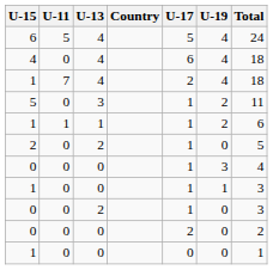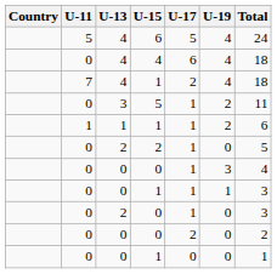 <table class="sortable wikitable">
 <tr>
-<th>U-15</th>
+<th>Country</th>
 <th>U-11</th>
 <th>U-13</th>
-<th>Country</th>
+<th>U-15</th>
 <th>U-17</th>
 <th>U-19</th>
 <th>Total</th>
 </tr>
 <tr>
-<td align="right">6</td>
+<td></td>
 <td align="right">5</td>
 <td align="right">4</td>
-<td></td>
+<td align="right">6</td>
 <td align="right">5</td>
 <td align="right">4</td>
 <td align="right">24</td>
 </tr>
 <tr>
-<td align="right">4</td>
+<td></td>
 <td align="right">0</td>
 <td align="right">4</td>
-<td></td>
+<td align="right">4</td>
 <td align="right">6</td>
 <td align="right">4</td>
 <td align="right">18</td>
 </tr>
 <tr>
-<td align="right">1</td>
+<td></td>
 <td align="right">7</td>
 <td align="right">4</td>
-<td></td>
+<td align="right">1</td>
 <td align="right">2</td>
 <td align="right">4</td>
 <td align="right">18</td>
 </tr>
 <tr>
-<td align="right">5</td>
+<td></td>
 <td align="right">0</td>
 <td align="right">3</td>
-<td></td>
+<td align="right">5</td>
 <td align="right">1</td>
 <td align="right">2</td>
 <td align="right">11</td>
 </tr>
 <tr>
+<td></td>
 <td align="right">1</td>
 <td align="right">1</td>
 <td align="right">1</td>
-<td></td>
 <td align="right">1</td>
 <td align="right">2</td>
 <td align="right">6</td>
 </tr>
 <tr>
-<td align="right">2</td>
+<td></td>
 <td align="right">0</td>
 <td align="right">2</td>
-<td></td>
+<td align="right">2</td>
 <td align="right">1</td>
 <td align="right">0</td>
 <td align="right">5</td>
 </tr>
 <tr>
+<td></td>
 <td align="right">0</td>
 <td align="right">0</td>
 <td align="right">0</td>
-<td></td>
 <td align="right">1</td>
 <td align="right">3</td>
 <td align="right">4</td>
 </tr>
 <tr>
-<td align="right">1</td>
+<td></td>
 <td align="right">0</td>
 <td align="right">0</td>
-<td></td>
+<td align="right">1</td>
 <td align="right">1</td>
 <td align="right">1</td>
 <td align="right">3</td>
 </tr>
 <tr>
-<td align="right">0</td>
+<td></td>
 <td align="right">0</td>
 <td align="right">2</td>
-<td></td>
+<td align="right">0</td>
 <td align="right">1</td>
 <td align="right">0</td>
 <td align="right">3</td>
 </tr>
 <tr>
+<td></td>
 <td align="right">0</td>
 <td align="right">0</td>
 <td align="right">0</td>
-<td></td>
 <td align="right">2</td>
 <td align="right">0</td>
 <td align="right">2</td>
 </tr>
 <tr>
-<td align="right">1</td>
+<td></td>
 <td align="right">0</td>
 <td align="right">0</td>
-<td></td>
+<td align="right">1</td>
 <td align="right">0</td>
 <td align="right">0</td>
 <td align="right">1</td>
 </tr>
 </table>
